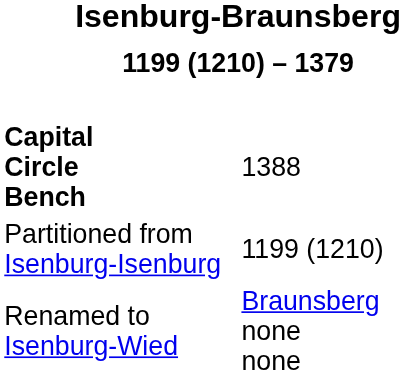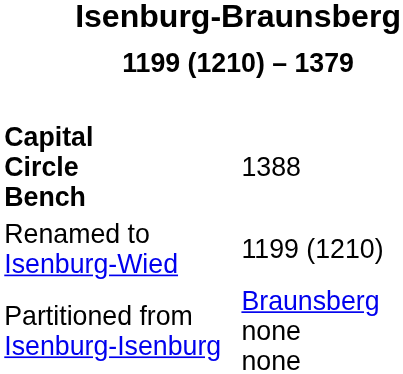 <table align="right" class="toccolours">
 <tr>
 <td colspan=2 align="center"><big><strong>Isenburg-Braunsberg</strong></big></td>
 </tr>
 <tr>
 <td colspan=2 align="center"></td>
 </tr>
 <tr>
 <td colspan=2 align="center"><strong>1199 (1210) – 1379</strong></td>
 </tr>
 <tr>
 <td><br></td>
 </tr>
 <tr>
 <td width=138px><strong>Capital<br>Circle<br>Bench</strong></td>
 <td>1388</td>
 </tr>
 <tr>
-<td>Partitioned from <a href='#'>Isenburg-Isenburg</a></td>
+<td>Renamed to <a href='#'>Isenburg-Wied</a></td>
 <td>1199 (1210)</td>
 </tr>
 <tr>
-<td>Renamed to <a href='#'>Isenburg-Wied</a></td>
+<td>Partitioned from <a href='#'>Isenburg-Isenburg</a></td>
 <td width=138px><a href='#'>Braunsberg</a><br>none<br>none</td>
 </tr>
 <tr>
 </tr>
 </table>
